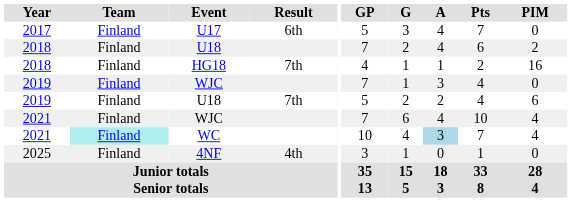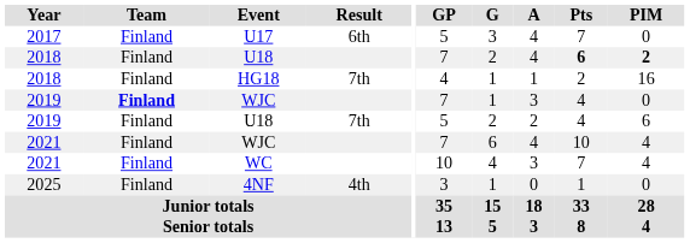 <table border="0" cellpadding="1" cellspacing="0" ID="Table3" style="text-align:center; width:40em;">
 <tr bgcolor="#e0e0e0">
 <th>Year</th>
 <th>Team</th>
 <th>Event</th>
 <th>Result</th>
 <th rowspan="99" bgcolor="#ffffff"></th>
 <th>GP</th>
 <th>G</th>
 <th>A</th>
 <th>Pts</th>
 <th>PIM</th>
 </tr>
 <tr>
 <td><a href='#'>2017</a></td>
 <td><a href='#'>Finland</a></td>
 <td><a href='#'>U17</a></td>
 <td>6th</td>
 <td>5</td>
 <td>3</td>
 <td>4</td>
 <td>7</td>
 <td>0</td>
 </tr>
 <tr bgcolor="#f0f0f0">
 <td><a href='#'>2018</a></td>
 <td>Finland</td>
 <td><a href='#'>U18</a></td>
 <td></td>
 <td>7</td>
 <td>2</td>
 <td>4</td>
-<td>6</td>
-<td>2</td>
+<td><strong>6</strong></td>
+<td><strong>2</strong></td>
 </tr>
 <tr>
 <td><a href='#'>2018</a></td>
 <td>Finland</td>
 <td><a href='#'>HG18</a></td>
 <td>7th</td>
 <td>4</td>
 <td>1</td>
 <td>1</td>
 <td>2</td>
 <td>16</td>
 </tr>
 <tr bgcolor="#f0f0f0">
 <td><a href='#'>2019</a></td>
-<td><a href='#'>Finland</a></td>
+<td><strong><a href='#'>Finland</a></strong></td>
 <td><a href='#'>WJC</a></td>
 <td></td>
 <td>7</td>
 <td>1</td>
 <td>3</td>
 <td>4</td>
 <td>0</td>
 </tr>
 <tr>
 <td><a href='#'>2019</a></td>
 <td>Finland</td>
 <td>U18</td>
 <td>7th</td>
 <td>5</td>
 <td>2</td>
 <td>2</td>
 <td>4</td>
 <td>6</td>
 </tr>
 <tr bgcolor="#f0f0f0">
 <td><a href='#'>2021</a></td>
 <td>Finland</td>
 <td>WJC</td>
 <td></td>
 <td>7</td>
 <td>6</td>
 <td>4</td>
 <td>10</td>
 <td>4</td>
 </tr>
 <tr>
 <td><a href='#'>2021</a></td>
-<td style="background: paleturquoise;"><a href='#'>Finland</a></td>
+<td><a href='#'>Finland</a></td>
 <td><a href='#'>WC</a></td>
 <td></td>
 <td>10</td>
 <td>4</td>
-<td style="background: lightblue;">3</td>
+<td>3</td>
 <td>7</td>
 <td>4</td>
 </tr>
 <tr bgcolor="#f0f0f0">
 <td>2025</td>
 <td>Finland</td>
 <td><a href='#'>4NF</a></td>
 <td>4th</td>
 <td>3</td>
 <td>1</td>
 <td>0</td>
 <td>1</td>
 <td>0</td>
 </tr>
 <tr bgcolor="#e0e0e0">
 <th colspan="4">Junior totals</th>
 <th>35</th>
 <th>15</th>
 <th>18</th>
 <th>33</th>
 <th>28</th>
 </tr>
 <tr bgcolor="#e0e0e0">
 <th colspan="4">Senior totals</th>
 <th>13</th>
 <th>5</th>
 <th>3</th>
 <th>8</th>
 <th>4</th>
 </tr>
 </table>
